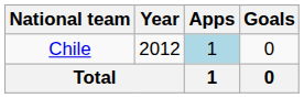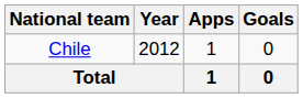 <table class="wikitable" style="text-align:center">
 <tr>
 <th>National team</th>
 <th>Year</th>
 <th>Apps</th>
 <th>Goals</th>
 </tr>
 <tr>
 <td><a href='#'>Chile</a></td>
 <td>2012</td>
-<td style="background: lightblue;">1</td>
+<td>1</td>
 <td>0</td>
 </tr>
 <tr>
 <th colspan="2">Total</th>
 <th>1</th>
 <th>0</th>
 </tr>
 </table>
